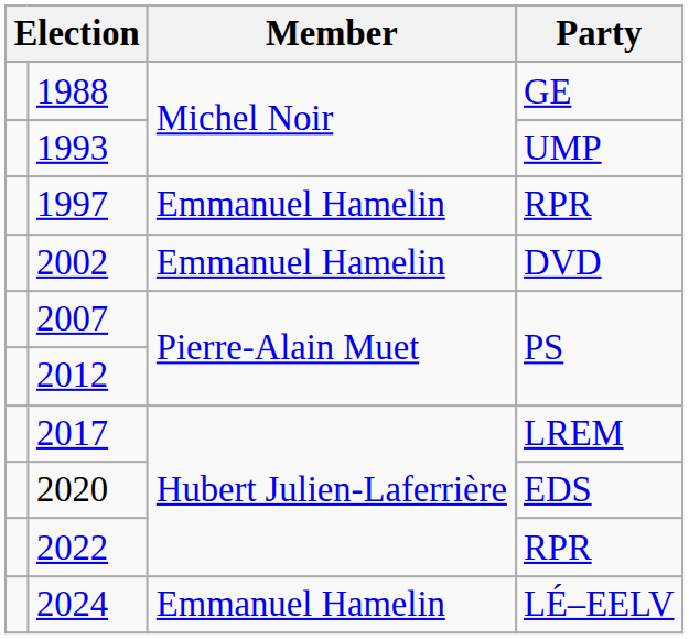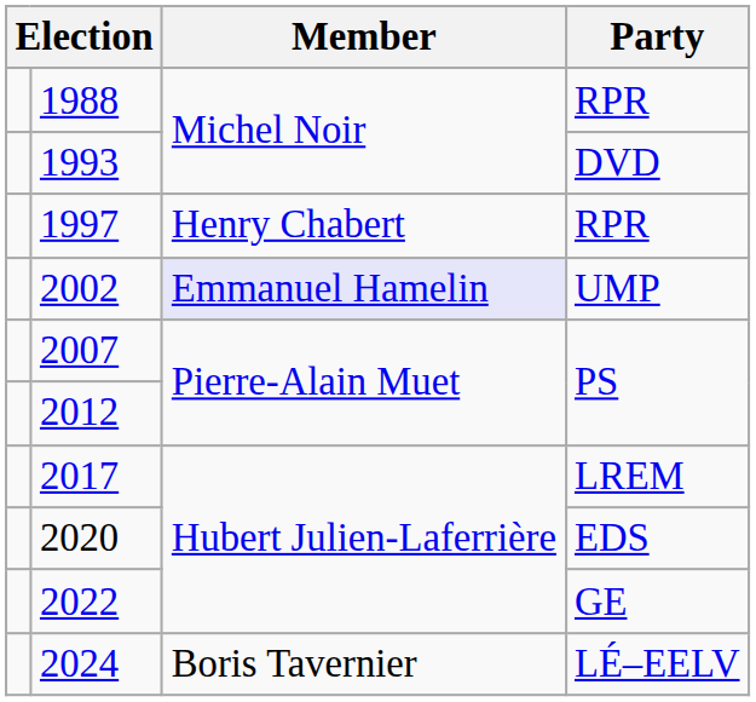 <table class="wikitable">
 <tr>
 <th colspan=2>Election</th>
 <th>Member</th>
 <th>Party</th>
 </tr>
 <tr>
 <td style="background-color: "></td>
 <td><a href='#'>1988</a></td>
 <td rowspan="2"><a href='#'>Michel Noir</a></td>
-<td><a href='#'>GE</a></td>
+<td><a href='#'>RPR</a></td>
 </tr>
 <tr>
 <td style="background-color: "></td>
 <td><a href='#'>1993</a></td>
-<td><a href='#'>UMP</a></td>
+<td><a href='#'>DVD</a></td>
 </tr>
 <tr>
 <td style="background-color: "></td>
 <td><a href='#'>1997</a></td>
-<td><a href='#'>Emmanuel Hamelin</a></td>
+<td><a href='#'>Henry Chabert</a></td>
 <td><a href='#'>RPR</a></td>
 </tr>
 <tr>
 <td style="background-color: "></td>
 <td><a href='#'>2002</a></td>
-<td><a href='#'>Emmanuel Hamelin</a></td>
-<td><a href='#'>DVD</a></td>
+<td style="background: lavender;"><a href='#'>Emmanuel Hamelin</a></td>
+<td><a href='#'>UMP</a></td>
 </tr>
 <tr>
 <td style="background-color: "></td>
 <td><a href='#'>2007</a></td>
 <td rowspan=2><a href='#'>Pierre-Alain Muet</a></td>
 <td rowspan=2><a href='#'>PS</a></td>
 </tr>
 <tr>
 <td style="background-color: "></td>
 <td><a href='#'>2012</a></td>
 </tr>
 <tr>
 <td style="background-color: "></td>
 <td><a href='#'>2017</a></td>
 <td rowspan="3"><a href='#'>Hubert Julien-Laferrière</a></td>
 <td><a href='#'>LREM</a></td>
 </tr>
 <tr>
 <td style="background-color: "></td>
 <td>2020</td>
 <td><a href='#'>EDS</a></td>
 </tr>
 <tr>
 <td style="background-color: "></td>
 <td><a href='#'>2022</a></td>
-<td><a href='#'>RPR</a></td>
+<td><a href='#'>GE</a></td>
 </tr>
 <tr>
 <td style="background-color: "></td>
 <td><a href='#'>2024</a></td>
-<td><a href='#'>Emmanuel Hamelin</a></td>
+<td>Boris Tavernier</td>
 <td><a href='#'>LÉ–EELV</a></td>
 </tr>
 </table>
